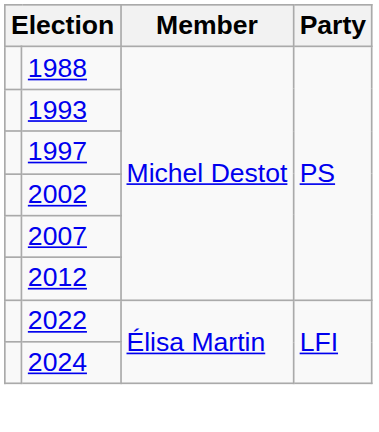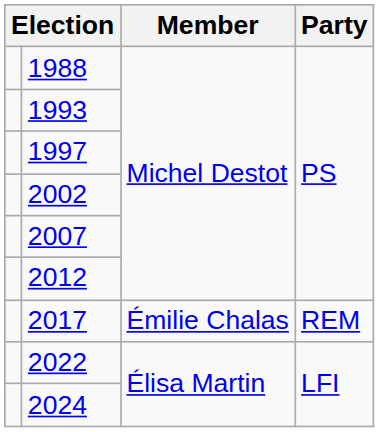 <table class="wikitable">
 <tr>
 <th colspan="2">Election</th>
 <th>Member</th>
 <th>Party</th>
 </tr>
 <tr>
 <td style="color:inherit;background-color:"></td>
 <td><a href='#'>1988</a></td>
 <td rowspan="6"><a href='#'>Michel Destot</a><br>    </td>
 <td rowspan="6"><a href='#'>PS</a></td>
 </tr>
 <tr>
 <td style="color:inherit;background-color:"></td>
 <td><a href='#'>1993</a></td>
 </tr>
 <tr>
 <td style="color:inherit;background-color:"></td>
 <td><a href='#'>1997</a></td>
 </tr>
 <tr>
 <td style="color:inherit;background-color:"></td>
 <td><a href='#'>2002</a></td>
 </tr>
 <tr>
 <td style="color:inherit;background-color:"></td>
 <td><a href='#'>2007</a></td>
 </tr>
 <tr>
 <td style="color:inherit;background-color:"></td>
 <td><a href='#'>2012</a></td>
 </tr>
 <tr>
 <td style="color:inherit;background-color: "></td>
+<td><a href='#'>2017</a></td>
+<td><a href='#'>Émilie Chalas</a></td>
+<td><a href='#'>REM</a></td>
+</tr>
+<tr>
+<td style="color:inherit;background-color: "></td>
 <td><a href='#'>2022</a></td>
 <td rowspan="2"><a href='#'>Élisa Martin</a></td>
 <td rowspan="2"><a href='#'>LFI</a></td>
 </tr>
 <tr>
 <td style="color:inherit;background-color: "></td>
 <td><a href='#'>2024</a></td>
 </tr>
 </table>
